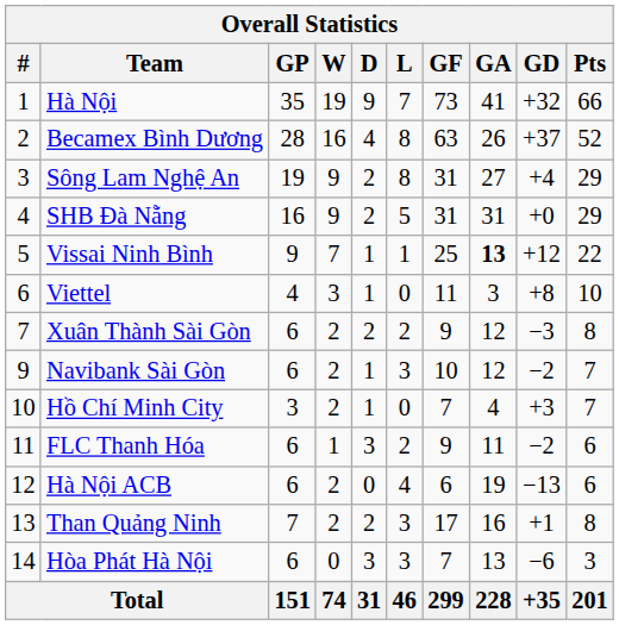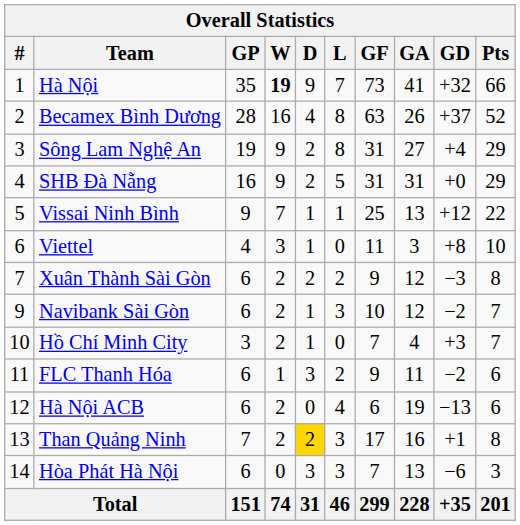 <table class="wikitable sortable" style="text-align:center">
 <tr>
 <th colspan=10>Overall Statistics</th>
 </tr>
 <tr>
 <th>#</th>
 <th>Team</th>
 <th>GP</th>
 <th>W</th>
 <th>D</th>
 <th>L</th>
 <th>GF</th>
 <th>GA</th>
 <th>GD</th>
 <th>Pts</th>
 </tr>
 <tr>
 <td>1</td>
 <td align=left> <a href='#'>Hà Nội</a></td>
 <td>35</td>
-<td>19</td>
+<td><strong>19</strong></td>
 <td>9</td>
 <td>7</td>
 <td>73</td>
 <td>41</td>
 <td>+32</td>
 <td>66</td>
 </tr>
 <tr>
 <td>2</td>
 <td align=left> <a href='#'>Becamex Bình Dương</a></td>
 <td>28</td>
 <td>16</td>
 <td>4</td>
 <td>8</td>
 <td>63</td>
 <td>26</td>
 <td>+37</td>
 <td>52</td>
 </tr>
 <tr>
 <td>3</td>
 <td align=left> <a href='#'>Sông Lam Nghệ An</a></td>
 <td>19</td>
 <td>9</td>
 <td>2</td>
 <td>8</td>
 <td>31</td>
 <td>27</td>
 <td>+4</td>
 <td>29</td>
 </tr>
 <tr>
 <td>4</td>
 <td align=left> <a href='#'>SHB Đà Nẵng</a></td>
 <td>16</td>
 <td>9</td>
 <td>2</td>
 <td>5</td>
 <td>31</td>
 <td>31</td>
 <td>+0</td>
 <td>29</td>
 </tr>
 <tr>
 <td>5</td>
 <td align=left> <a href='#'>Vissai Ninh Bình</a></td>
 <td>9</td>
 <td>7</td>
 <td>1</td>
 <td>1</td>
 <td>25</td>
-<td><strong>13</strong></td>
+<td>13</td>
 <td>+12</td>
 <td>22</td>
 </tr>
 <tr>
 <td>6</td>
 <td align=left> <a href='#'>Viettel</a></td>
 <td>4</td>
 <td>3</td>
 <td>1</td>
 <td>0</td>
 <td>11</td>
 <td>3</td>
 <td>+8</td>
 <td>10</td>
 </tr>
 <tr>
 <td>7</td>
 <td align=left> <a href='#'>Xuân Thành Sài Gòn</a></td>
 <td>6</td>
 <td>2</td>
 <td>2</td>
 <td>2</td>
 <td>9</td>
 <td>12</td>
 <td>−3</td>
 <td>8</td>
 </tr>
 <tr>
 <td>9</td>
 <td align=left> <a href='#'>Navibank Sài Gòn</a></td>
 <td>6</td>
 <td>2</td>
 <td>1</td>
 <td>3</td>
 <td>10</td>
 <td>12</td>
 <td>−2</td>
 <td>7</td>
 </tr>
 <tr>
 <td>10</td>
 <td align=left> <a href='#'>Hồ Chí Minh City</a></td>
 <td>3</td>
 <td>2</td>
 <td>1</td>
 <td>0</td>
 <td>7</td>
 <td>4</td>
 <td>+3</td>
 <td>7</td>
 </tr>
 <tr>
 <td>11</td>
 <td align=left> <a href='#'>FLC Thanh Hóa</a></td>
 <td>6</td>
 <td>1</td>
 <td>3</td>
 <td>2</td>
 <td>9</td>
 <td>11</td>
 <td>−2</td>
 <td>6</td>
 </tr>
 <tr>
 <td>12</td>
 <td align=left> <a href='#'>Hà Nội ACB</a></td>
 <td>6</td>
 <td>2</td>
 <td>0</td>
 <td>4</td>
 <td>6</td>
 <td>19</td>
 <td>−13</td>
 <td>6</td>
 </tr>
 <tr>
 <td>13</td>
 <td align=left> <a href='#'>Than Quảng Ninh</a></td>
 <td>7</td>
 <td>2</td>
-<td>2</td>
+<td style="background: gold;">2</td>
 <td>3</td>
 <td>17</td>
 <td>16</td>
 <td>+1</td>
 <td>8</td>
 </tr>
 <tr>
 <td>14</td>
 <td align=left> <a href='#'>Hòa Phát Hà Nội</a></td>
 <td>6</td>
 <td>0</td>
 <td>3</td>
 <td>3</td>
 <td>7</td>
 <td>13</td>
 <td>−6</td>
 <td>3</td>
 </tr>
 <tr>
 <th colspan="2">Total</th>
 <th>151</th>
 <th>74</th>
 <th>31</th>
 <th>46</th>
 <th>299</th>
 <th>228</th>
 <th>+35</th>
 <th>201</th>
 </tr>
 </table>
